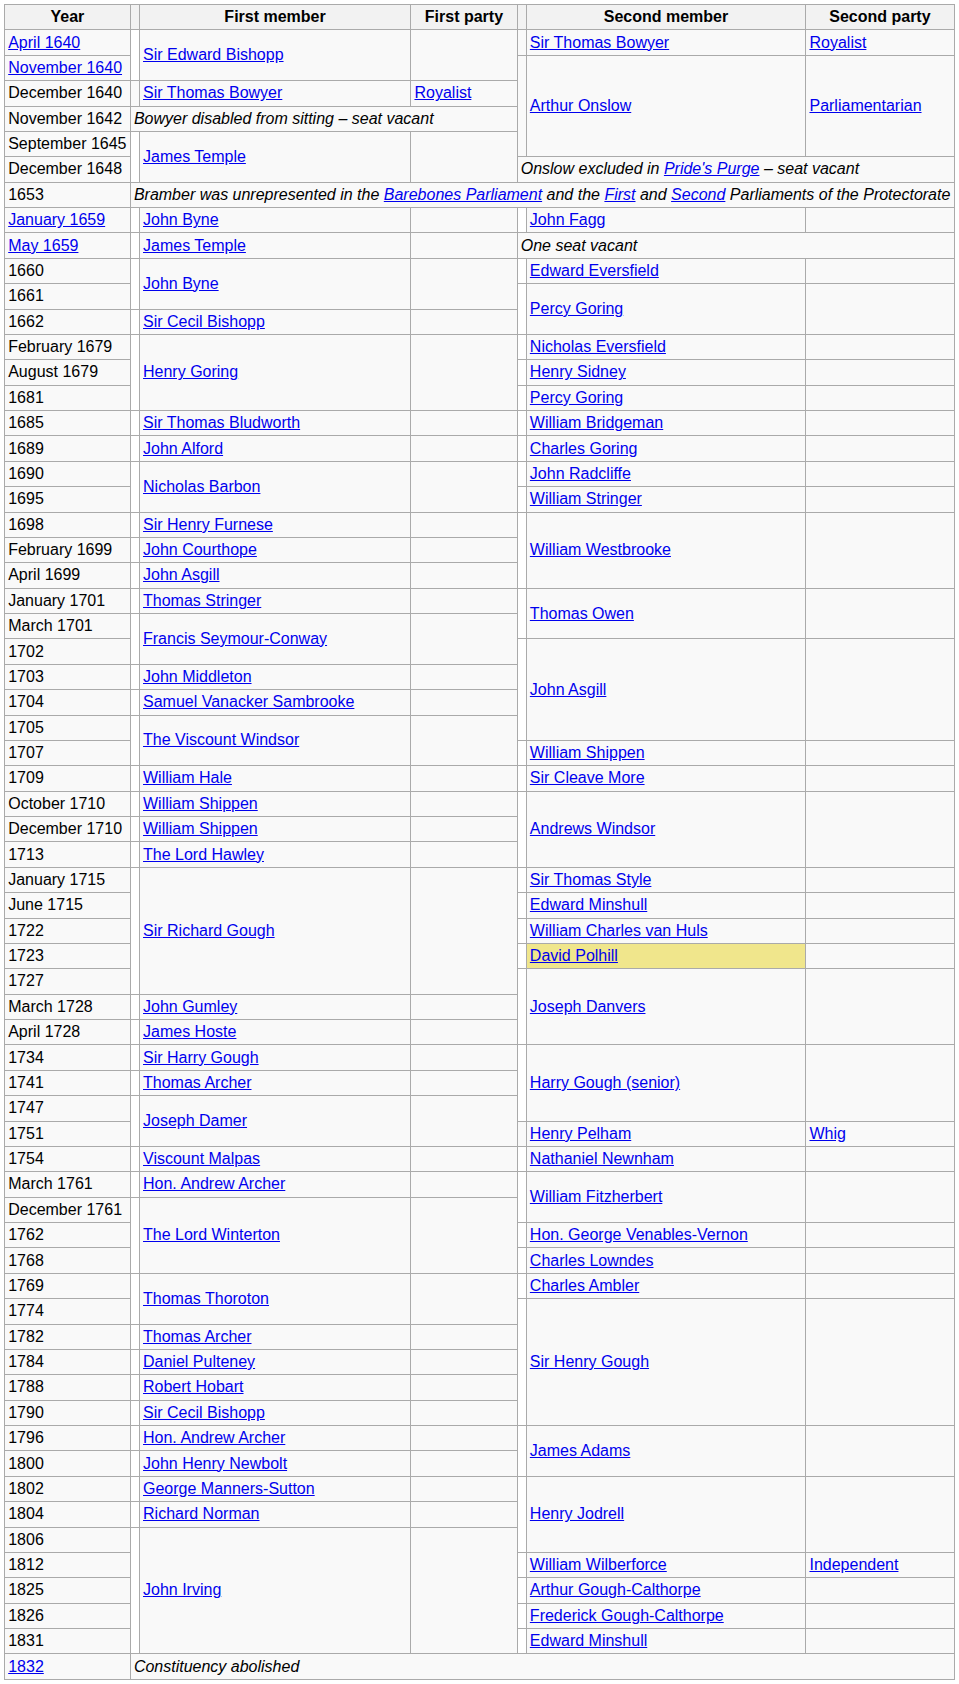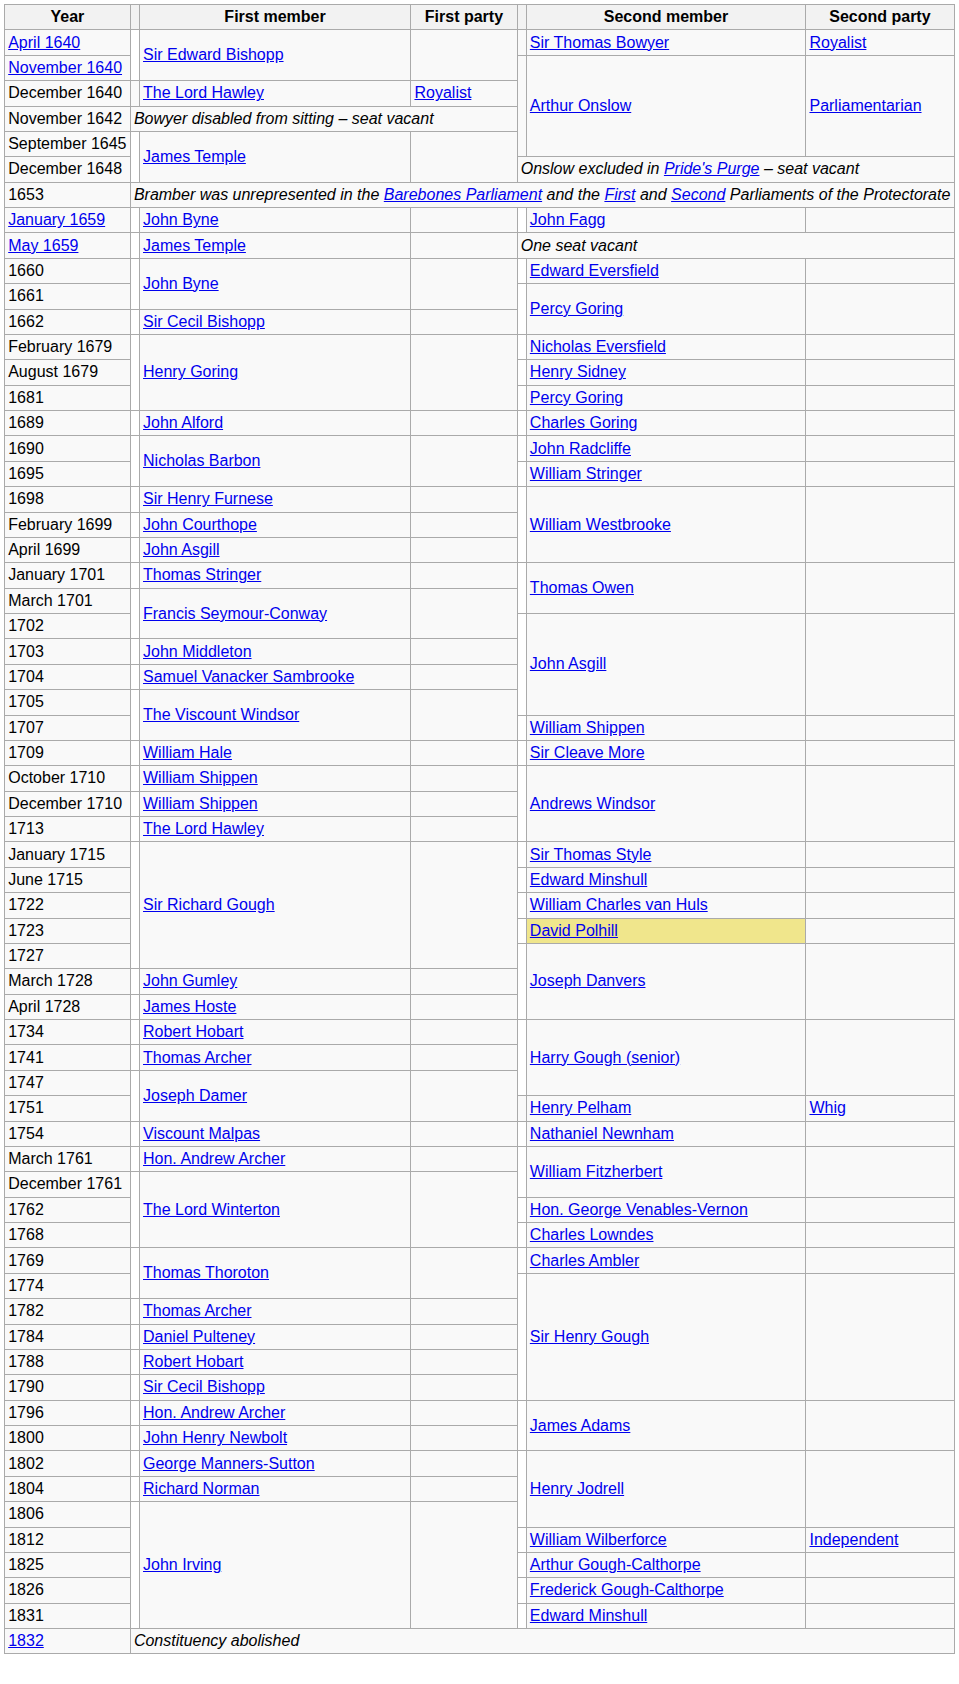 <table class="wikitable">
 <tr>
 <th>Year</th>
 <th></th>
 <th>First member</th>
 <th>First party</th>
 <th></th>
 <th>Second member</th>
 <th>Second party</th>
 </tr>
 <tr>
 <td><a href='#'>April 1640</a></td>
 <td rowspan="2" style="color:inherit;background-color: white"></td>
 <td rowspan="2"><a href='#'>Sir Edward Bishopp</a></td>
 <td rowspan="2"></td>
 <td style="color:inherit;background-color: "></td>
 <td><a href='#'>Sir Thomas Bowyer</a></td>
 <td><a href='#'>Royalist</a></td>
 </tr>
 <tr>
 <td><a href='#'>November 1640</a></td>
 <td rowspan="4" style="color:inherit;background-color: "></td>
 <td rowspan="4"><a href='#'>Arthur Onslow</a></td>
 <td rowspan="4"><a href='#'>Parliamentarian</a></td>
 </tr>
 <tr>
 <td>December 1640</td>
 <td style="color:inherit;background-color: "></td>
-<td><a href='#'>Sir Thomas Bowyer</a></td>
+<td><a href='#'>The Lord Hawley</a></td>
 <td><a href='#'>Royalist</a></td>
 </tr>
 <tr>
 <td>November 1642</td>
 <td colspan="3"><em>Bowyer disabled from sitting – seat vacant</em></td>
 </tr>
 <tr>
 <td>September 1645</td>
 <td rowspan="2" style="color:inherit;background-color: white"></td>
 <td rowspan="2"><a href='#'>James Temple</a></td>
 <td rowspan="2"></td>
 </tr>
 <tr>
 <td>December 1648</td>
 <td colspan="3"><em>Onslow excluded in <a href='#'>Pride's Purge</a> – seat vacant</em></td>
 </tr>
 <tr>
 <td>1653</td>
 <td colspan="6"><em>Bramber was unrepresented in the <a href='#'>Barebones Parliament</a> and the <a href='#'>First</a> and <a href='#'>Second</a> Parliaments of the Protectorate</em></td>
 </tr>
 <tr>
 <td><a href='#'>January 1659</a></td>
 <td style="color:inherit;background-color: white"></td>
 <td><a href='#'>John Byne</a></td>
 <td></td>
 <td style="color:inherit;background-color: white"></td>
 <td><a href='#'>John Fagg</a></td>
 <td></td>
 </tr>
 <tr>
 <td><a href='#'>May 1659</a></td>
 <td style="color:inherit;background-color: white"></td>
 <td><a href='#'>James Temple</a></td>
 <td></td>
 <td colspan="3"><em>One seat vacant</em></td>
 </tr>
 <tr>
 <td>1660</td>
 <td rowspan="2" style="color:inherit;background-color: white"></td>
 <td rowspan="2"><a href='#'>John Byne</a></td>
 <td rowspan="2"></td>
 <td style="color:inherit;background-color: white"></td>
 <td><a href='#'>Edward Eversfield</a></td>
 <td></td>
 </tr>
 <tr>
 <td>1661</td>
 <td rowspan="2" style="color:inherit;background-color: white"></td>
 <td rowspan="2"><a href='#'>Percy Goring</a></td>
 <td rowspan="2"></td>
 </tr>
 <tr>
 <td>1662</td>
 <td style="color:inherit;background-color: white"></td>
 <td><a href='#'>Sir Cecil Bishopp</a></td>
 <td></td>
 </tr>
 <tr>
 <td>February 1679</td>
 <td rowspan="3" style="color:inherit;background-color: white"></td>
 <td rowspan="3"><a href='#'>Henry Goring</a></td>
 <td rowspan="3"></td>
 <td style="color:inherit;background-color: white"></td>
 <td><a href='#'>Nicholas Eversfield</a></td>
 <td></td>
 </tr>
 <tr>
 <td>August 1679</td>
 <td style="color:inherit;background-color: white"></td>
 <td><a href='#'>Henry Sidney</a></td>
 <td></td>
 </tr>
 <tr>
 <td>1681</td>
 <td style="color:inherit;background-color: white"></td>
 <td><a href='#'>Percy Goring</a></td>
-<td></td>
-</tr>
-<tr>
-<td>1685</td>
-<td style="color:inherit;background-color: white"></td>
-<td><a href='#'>Sir Thomas Bludworth</a></td>
-<td></td>
-<td style="color:inherit;background-color: white"></td>
-<td><a href='#'>William Bridgeman</a></td>
 <td></td>
 </tr>
 <tr>
 <td>1689</td>
 <td style="color:inherit;background-color: white"></td>
 <td><a href='#'>John Alford</a></td>
 <td></td>
 <td style="color:inherit;background-color: white"></td>
 <td><a href='#'>Charles Goring</a></td>
 <td></td>
 </tr>
 <tr>
 <td>1690</td>
 <td rowspan="2" style="color:inherit;background-color: white"></td>
 <td rowspan="2"><a href='#'>Nicholas Barbon</a></td>
 <td rowspan="2"></td>
 <td style="color:inherit;background-color: white"></td>
 <td><a href='#'>John Radcliffe</a></td>
 <td></td>
 </tr>
 <tr>
 <td>1695</td>
 <td style="color:inherit;background-color: white"></td>
 <td><a href='#'>William Stringer</a></td>
 <td></td>
 </tr>
 <tr>
 <td>1698</td>
 <td style="color:inherit;background-color: white"></td>
 <td><a href='#'>Sir Henry Furnese</a></td>
 <td></td>
 <td rowspan="3" style="color:inherit;background-color: white"></td>
 <td rowspan="3"><a href='#'>William Westbrooke</a></td>
 <td rowspan="3"></td>
 </tr>
 <tr>
 <td>February 1699</td>
 <td style="color:inherit;background-color: white"></td>
 <td><a href='#'>John Courthope</a></td>
 <td></td>
 </tr>
 <tr>
 <td>April 1699</td>
 <td style="color:inherit;background-color: white"></td>
 <td><a href='#'>John Asgill</a></td>
 <td></td>
 </tr>
 <tr>
 <td>January 1701</td>
 <td style="color:inherit;background-color: white"></td>
 <td><a href='#'>Thomas Stringer</a></td>
 <td></td>
 <td rowspan="2" style="color:inherit;background-color: white"></td>
 <td rowspan="2"><a href='#'>Thomas Owen</a></td>
 <td rowspan="2"></td>
 </tr>
 <tr>
 <td>March 1701</td>
 <td rowspan="2" style="color:inherit;background-color: white"></td>
 <td rowspan="2"><a href='#'>Francis Seymour-Conway</a></td>
 <td rowspan="2"></td>
 </tr>
 <tr>
 <td>1702</td>
 <td rowspan="4" style="color:inherit;background-color: white"></td>
 <td rowspan="4"><a href='#'>John Asgill</a></td>
 <td rowspan="4"></td>
 </tr>
 <tr>
 <td>1703</td>
 <td style="color:inherit;background-color: white"></td>
 <td><a href='#'>John Middleton</a></td>
 <td></td>
 </tr>
 <tr>
 <td>1704</td>
 <td style="color:inherit;background-color: white"></td>
 <td><a href='#'>Samuel Vanacker Sambrooke</a></td>
 <td></td>
 </tr>
 <tr>
 <td>1705</td>
 <td rowspan="2" style="color:inherit;background-color: white"></td>
 <td rowspan="2"><a href='#'>The Viscount Windsor</a></td>
 <td rowspan="2"></td>
 </tr>
 <tr>
 <td>1707</td>
 <td style="color:inherit;background-color: white"></td>
 <td><a href='#'>William Shippen</a></td>
 <td></td>
 </tr>
 <tr>
 <td>1709 </td>
 <td style="color:inherit;background-color: white"></td>
 <td><a href='#'>William Hale</a></td>
 <td></td>
 <td style="color:inherit;background-color: white"></td>
 <td><a href='#'>Sir Cleave More</a></td>
 <td></td>
 </tr>
 <tr>
 <td>October 1710</td>
 <td style="color:inherit;background-color: white"></td>
 <td><a href='#'>William Shippen</a></td>
 <td></td>
 <td rowspan="3" style="color:inherit;background-color: white"></td>
 <td rowspan="3"><a href='#'>Andrews Windsor</a></td>
 <td rowspan="3"></td>
 </tr>
 <tr>
 <td>December 1710</td>
 <td style="color:inherit;background-color: white"></td>
 <td><a href='#'>William Shippen</a></td>
 <td></td>
 </tr>
 <tr>
 <td>1713</td>
 <td style="color:inherit;background-color: white"></td>
 <td><a href='#'>The Lord Hawley</a></td>
 <td></td>
 </tr>
 <tr>
 <td>January 1715</td>
 <td rowspan="5" style="color:inherit;background-color: white"></td>
 <td rowspan="5"><a href='#'>Sir Richard Gough</a></td>
 <td rowspan="5"></td>
 <td style="color:inherit;background-color: white"></td>
 <td><a href='#'>Sir Thomas Style</a></td>
 <td></td>
 </tr>
 <tr>
 <td>June 1715</td>
 <td style="color:inherit;background-color: white"></td>
 <td><a href='#'>Edward Minshull</a></td>
 <td></td>
 </tr>
 <tr>
 <td>1722</td>
 <td style="color:inherit;background-color: white"></td>
 <td><a href='#'>William Charles van Huls</a></td>
 <td></td>
 </tr>
 <tr>
 <td>1723</td>
 <td style="color:inherit;background-color: white"></td>
 <td style="background: khaki;"><a href='#'>David Polhill</a></td>
 <td></td>
 </tr>
 <tr>
 <td>1727</td>
 <td rowspan="3" style="color:inherit;background-color: white"></td>
 <td rowspan="3"><a href='#'>Joseph Danvers</a></td>
 <td rowspan="3"></td>
 </tr>
 <tr>
 <td>March 1728</td>
 <td style="color:inherit;background-color: white"></td>
 <td><a href='#'>John Gumley</a></td>
 <td></td>
 </tr>
 <tr>
 <td>April 1728</td>
 <td style="color:inherit;background-color: white"></td>
 <td><a href='#'>James Hoste</a></td>
 <td></td>
 </tr>
 <tr>
 <td>1734</td>
 <td style="color:inherit;background-color: white"></td>
-<td><a href='#'>Sir Harry Gough</a></td>
+<td><a href='#'>Robert Hobart</a></td>
 <td></td>
 <td rowspan="3" style="color:inherit;background-color: white"></td>
 <td rowspan="3"><a href='#'>Harry Gough (senior)</a></td>
 <td rowspan="3"></td>
 </tr>
 <tr>
 <td>1741</td>
 <td style="color:inherit;background-color: white"></td>
 <td><a href='#'>Thomas Archer</a></td>
 <td></td>
 </tr>
 <tr>
 <td>1747</td>
 <td rowspan="2" style="color:inherit;background-color: white"></td>
 <td rowspan="2"><a href='#'>Joseph Damer</a></td>
 <td rowspan="2"></td>
 </tr>
 <tr>
 <td>1751</td>
 <td style="color:inherit;background-color: "></td>
 <td><a href='#'>Henry Pelham</a></td>
 <td><a href='#'>Whig</a></td>
 </tr>
 <tr>
 <td>1754</td>
 <td style="color:inherit;background-color: white"></td>
 <td><a href='#'>Viscount Malpas</a></td>
 <td></td>
 <td style="color:inherit;background-color: white"></td>
 <td><a href='#'>Nathaniel Newnham</a></td>
 <td></td>
 </tr>
 <tr>
 <td>March 1761</td>
 <td style="color:inherit;background-color: white"></td>
 <td><a href='#'>Hon. Andrew Archer</a></td>
 <td></td>
 <td rowspan="2" style="color:inherit;background-color: white"></td>
 <td rowspan="2"><a href='#'>William Fitzherbert</a></td>
 <td rowspan="2"></td>
 </tr>
 <tr>
 <td>December 1761</td>
 <td rowspan="3" style="color:inherit;background-color: white"></td>
 <td rowspan="3"><a href='#'>The Lord Winterton</a></td>
 <td rowspan="3"></td>
 </tr>
 <tr>
 <td>1762</td>
 <td style="color:inherit;background-color: white"></td>
 <td><a href='#'>Hon. George Venables-Vernon</a></td>
 <td></td>
 </tr>
 <tr>
 <td>1768 </td>
 <td style="color:inherit;background-color: white"></td>
 <td><a href='#'>Charles Lowndes</a></td>
 <td></td>
 </tr>
 <tr>
 <td>1769</td>
 <td rowspan="2" style="color:inherit;background-color: white"></td>
 <td rowspan="2"><a href='#'>Thomas Thoroton</a></td>
 <td rowspan="2"></td>
 <td style="color:inherit;background-color: white"></td>
 <td><a href='#'>Charles Ambler</a></td>
 <td></td>
 </tr>
 <tr>
 <td>1774</td>
 <td rowspan="5" style="color:inherit;background-color: white"></td>
 <td rowspan="5"><a href='#'>Sir Henry Gough</a></td>
 <td rowspan="5"></td>
 </tr>
 <tr>
 <td>1782</td>
 <td style="color:inherit;background-color: white"></td>
 <td><a href='#'>Thomas Archer</a></td>
 <td></td>
 </tr>
 <tr>
 <td>1784</td>
 <td style="color:inherit;background-color: white"></td>
 <td><a href='#'>Daniel Pulteney</a></td>
 <td></td>
 </tr>
 <tr>
 <td>1788</td>
 <td style="color:inherit;background-color: white"></td>
 <td><a href='#'>Robert Hobart</a></td>
 <td></td>
 </tr>
 <tr>
 <td>1790</td>
 <td style="color:inherit;background-color: white"></td>
 <td><a href='#'>Sir Cecil Bishopp</a></td>
 <td></td>
 </tr>
 <tr>
 <td>1796</td>
 <td style="color:inherit;background-color: white"></td>
 <td><a href='#'>Hon. Andrew Archer</a></td>
 <td></td>
 <td rowspan="2" style="color:inherit;background-color: white"></td>
 <td rowspan="2"><a href='#'>James Adams</a></td>
 <td rowspan="2"></td>
 </tr>
 <tr>
 <td>1800</td>
 <td style="color:inherit;background-color: white"></td>
 <td><a href='#'>John Henry Newbolt</a></td>
 <td></td>
 </tr>
 <tr>
 <td>1802</td>
 <td style="color:inherit;background-color: white"></td>
 <td><a href='#'>George Manners-Sutton</a></td>
 <td></td>
 <td rowspan="3" style="color:inherit;background-color: white"></td>
 <td rowspan="3"><a href='#'>Henry Jodrell</a></td>
 <td rowspan="3"></td>
 </tr>
 <tr>
 <td>1804</td>
 <td style="color:inherit;background-color: white"></td>
 <td><a href='#'>Richard Norman</a></td>
 <td></td>
 </tr>
 <tr>
 <td>1806</td>
 <td rowspan="5" style="color:inherit;background-color: white"></td>
 <td rowspan="5"><a href='#'>John Irving</a></td>
 <td rowspan="5"></td>
 </tr>
 <tr>
 <td>1812</td>
 <td style="color:inherit;background-color: white"></td>
 <td><a href='#'>William Wilberforce</a></td>
 <td><a href='#'>Independent</a></td>
 </tr>
 <tr>
 <td>1825</td>
 <td style="color:inherit;background-color: white"></td>
 <td><a href='#'>Arthur Gough-Calthorpe</a></td>
 <td></td>
 </tr>
 <tr>
 <td>1826</td>
 <td style="color:inherit;background-color: white"></td>
 <td><a href='#'>Frederick Gough-Calthorpe</a></td>
 <td></td>
 </tr>
 <tr>
 <td>1831</td>
 <td style="color:inherit;background-color: white"></td>
 <td><a href='#'>Edward Minshull</a></td>
 <td></td>
 </tr>
 <tr>
 <td><a href='#'>1832</a></td>
 <td colspan="6"><em>Constituency abolished</em></td>
 </tr>
 </table>
